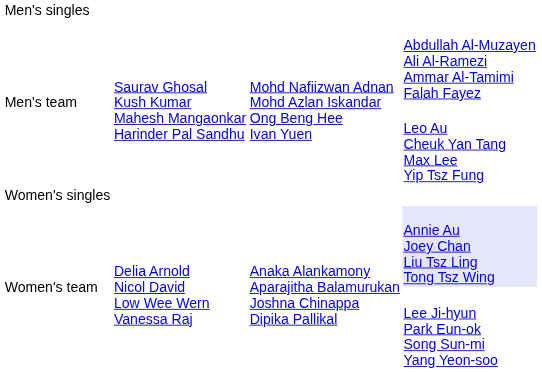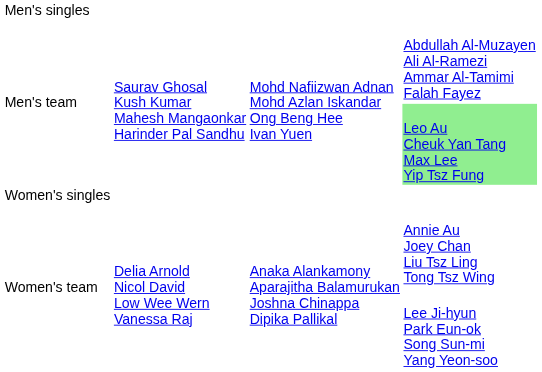 <table>
 <tr>
 <td rowspan=2>Men's singles<br></td>
 <td rowspan=2></td>
 <td rowspan=2></td>
 <td></td>
 </tr>
 <tr>
 <td></td>
 </tr>
 <tr>
 <td rowspan=2>Men's team<br></td>
 <td rowspan=2><br><a href='#'>Saurav Ghosal</a><br><a href='#'>Kush Kumar</a><br><a href='#'>Mahesh Mangaonkar</a><br><a href='#'>Harinder Pal Sandhu</a></td>
 <td rowspan=2><br><a href='#'>Mohd Nafiizwan Adnan</a><br><a href='#'>Mohd Azlan Iskandar</a><br><a href='#'>Ong Beng Hee</a><br><a href='#'>Ivan Yuen</a></td>
 <td><br><a href='#'>Abdullah Al-Muzayen</a><br><a href='#'>Ali Al-Ramezi</a><br><a href='#'>Ammar Al-Tamimi</a><br><a href='#'>Falah Fayez</a></td>
 </tr>
 <tr>
-<td><br><a href='#'>Leo Au</a><br><a href='#'>Cheuk Yan Tang</a><br><a href='#'>Max Lee</a><br><a href='#'>Yip Tsz Fung</a></td>
+<td style="background: lightgreen;"><br><a href='#'>Leo Au</a><br><a href='#'>Cheuk Yan Tang</a><br><a href='#'>Max Lee</a><br><a href='#'>Yip Tsz Fung</a></td>
 </tr>
 <tr>
 <td rowspan=2>Women's singles<br></td>
 <td rowspan=2></td>
 <td rowspan=2></td>
 <td></td>
 </tr>
 <tr>
 <td></td>
 </tr>
 <tr>
 <td rowspan=2>Women's team<br></td>
 <td rowspan=2><br><a href='#'>Delia Arnold</a><br><a href='#'>Nicol David</a><br><a href='#'>Low Wee Wern</a><br><a href='#'>Vanessa Raj</a></td>
 <td rowspan=2><br><a href='#'>Anaka Alankamony</a><br><a href='#'>Aparajitha Balamurukan</a><br><a href='#'>Joshna Chinappa</a><br><a href='#'>Dipika Pallikal</a></td>
-<td style="background: lavender;"><br><a href='#'>Annie Au</a><br><a href='#'>Joey Chan</a><br><a href='#'>Liu Tsz Ling</a><br><a href='#'>Tong Tsz Wing</a></td>
+<td><br><a href='#'>Annie Au</a><br><a href='#'>Joey Chan</a><br><a href='#'>Liu Tsz Ling</a><br><a href='#'>Tong Tsz Wing</a></td>
 </tr>
 <tr>
 <td><br><a href='#'>Lee Ji-hyun</a><br><a href='#'>Park Eun-ok</a><br><a href='#'>Song Sun-mi</a><br><a href='#'>Yang Yeon-soo</a></td>
 </tr>
 </table>
